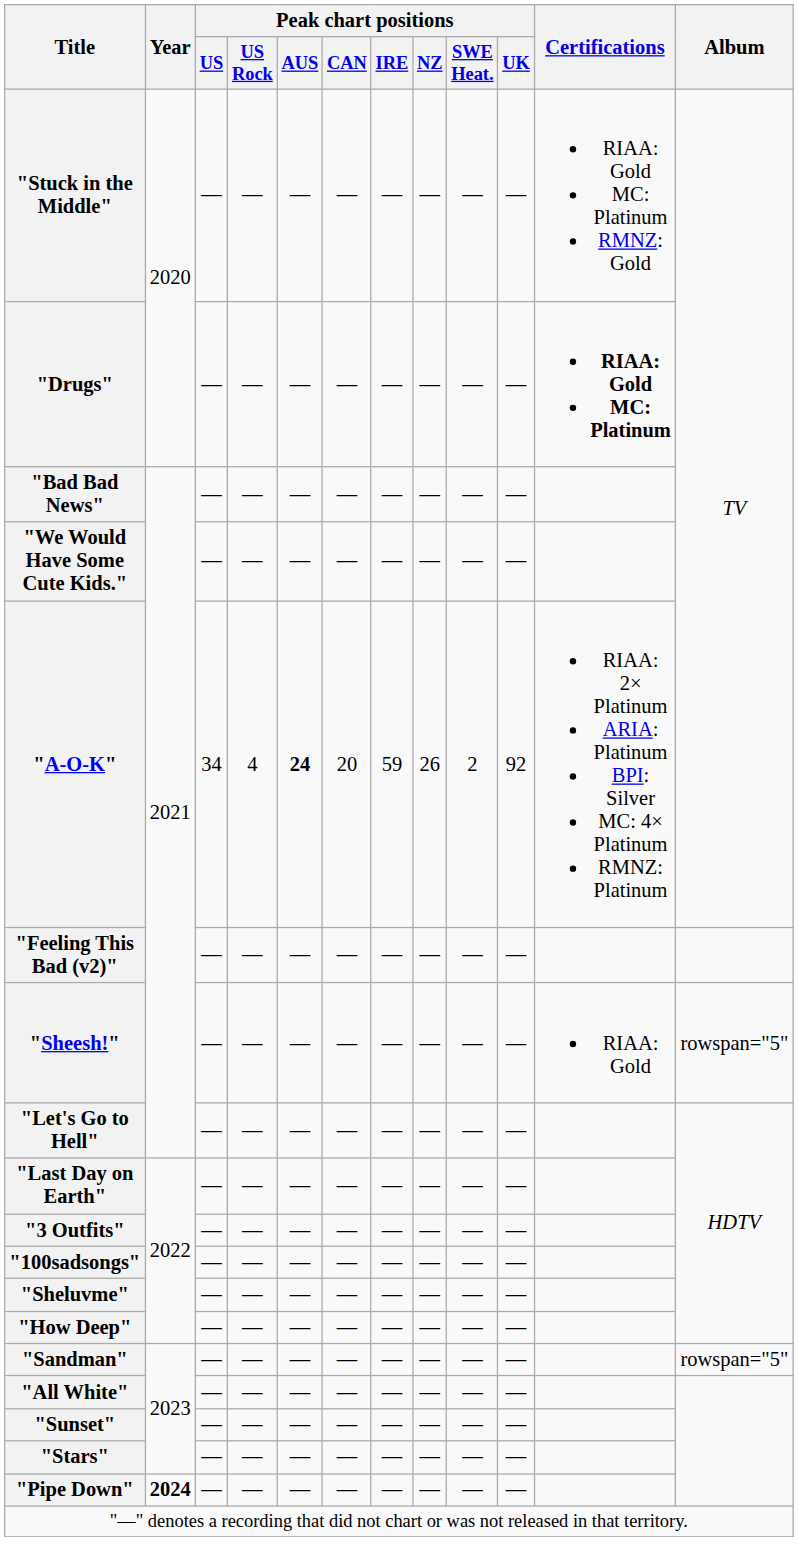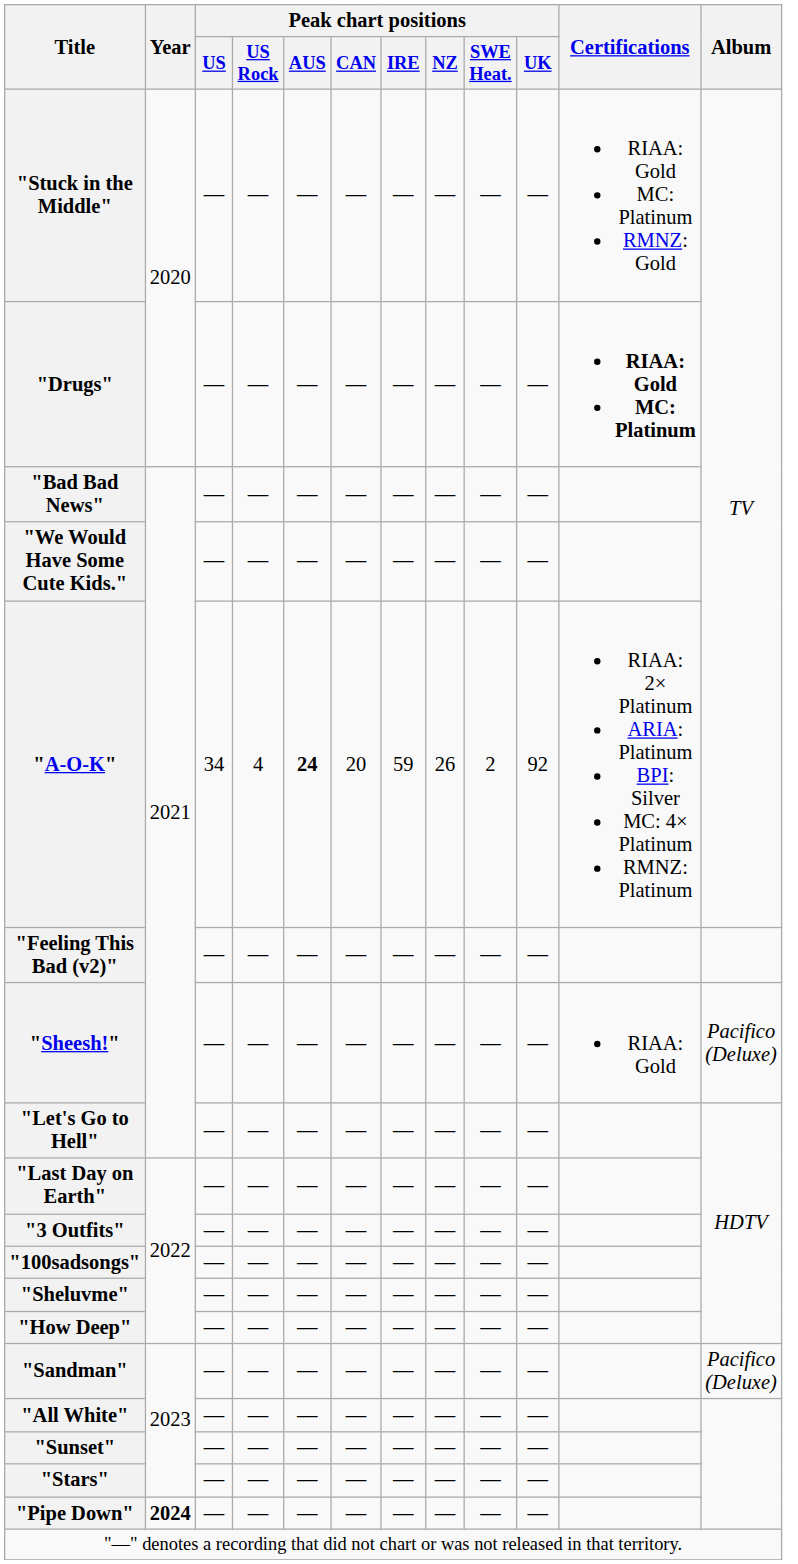 <table class="wikitable plainrowheaders" style="text-align:center">
 <tr>
 <th rowspan="2">Title</th>
 <th rowspan="2">Year</th>
 <th colspan="8">Peak chart positions</th>
 <th rowspan="2"><a href='#'>Certifications</a></th>
 <th rowspan="2">Album</th>
 </tr>
 <tr>
 <th scope="col" style="width:2.5em;font-size:90%;"><a href='#'>US</a><br></th>
 <th scope="col" style="width:2.5em;font-size:90%;"><a href='#'>US<br>Rock</a><br></th>
 <th scope="col" style="width:2.5em;font-size:90%;"><a href='#'>AUS</a><br></th>
 <th scope="col" style="width:2.5em;font-size:90%;"><a href='#'>CAN</a><br></th>
 <th scope="col" style="width:2.5em;font-size:90%;"><a href='#'>IRE</a><br></th>
 <th scope="col" style="width:2.5em;font-size:90%;"><a href='#'>NZ</a><br></th>
 <th scope="col" style="width:2.5em;font-size:90%;"><a href='#'>SWE<br>Heat.</a><br></th>
 <th scope="col" style="width:3em;font-size:90%;"><a href='#'>UK</a><br></th>
 </tr>
 <tr>
 <th scope="row">"Stuck in the Middle"<br></th>
 <td rowspan="2">2020</td>
 <td>—</td>
 <td>—</td>
 <td>—</td>
 <td>—</td>
 <td>—</td>
 <td>—</td>
 <td>—</td>
 <td>—</td>
 <td><br><ul><li>RIAA: Gold</li><li>MC: Platinum</li><li><a href='#'>RMNZ</a>: Gold</li></ul></td>
 <td rowspan="5"><em>TV</em></td>
 </tr>
 <tr>
 <th scope="row">"Drugs"</th>
 <td>—</td>
 <td>—</td>
 <td>—</td>
 <td>—</td>
 <td>—</td>
 <td>—</td>
 <td>—</td>
 <td>—</td>
 <td><strong><br><ul><li>RIAA: Gold</li><li>MC: Platinum</li></ul></strong></td>
 </tr>
 <tr>
 <th scope="row">"Bad Bad News"</th>
 <td rowspan="6">2021</td>
 <td>—</td>
 <td>—</td>
 <td>—</td>
 <td>—</td>
 <td>—</td>
 <td>—</td>
 <td>—</td>
 <td>—</td>
 <td></td>
 </tr>
 <tr>
 <th scope="row">"We Would Have Some Cute Kids."</th>
 <td>—</td>
 <td>—</td>
 <td>—</td>
 <td>—</td>
 <td>—</td>
 <td>—</td>
 <td>—</td>
 <td>—</td>
 <td></td>
 </tr>
 <tr>
 <th scope="row">"<a href='#'>A-O-K</a>"<br></th>
 <td>34</td>
 <td>4</td>
 <td><strong>24</strong></td>
 <td>20</td>
 <td>59</td>
 <td>26</td>
 <td>2</td>
 <td>92</td>
 <td><br><ul><li>RIAA: 2× Platinum</li><li><a href='#'>ARIA</a>: Platinum</li><li><a href='#'>BPI</a>: Silver</li><li>MC: 4× Platinum</li><li>RMNZ: Platinum</li></ul></td>
 </tr>
 <tr>
 <th scope="row">"Feeling This Bad (v2)"</th>
 <td>—</td>
 <td>—</td>
 <td>—</td>
 <td>—</td>
 <td>—</td>
 <td>—</td>
 <td>—</td>
 <td>—</td>
 <td></td>
 <td></td>
 </tr>
 <tr>
 <th scope="row">"<a href='#'>Sheesh!</a>"<br></th>
 <td>—</td>
 <td>—</td>
 <td>—</td>
 <td>—</td>
 <td>—</td>
 <td>—</td>
 <td>—</td>
 <td>—</td>
 <td><br><ul><li>RIAA: Gold</li></ul></td>
-<td>rowspan="5" </td>
+<td><em>Pacifico (Deluxe)</em></td>
 </tr>
 <tr>
 <th scope="row">"Let's Go to Hell"</th>
 <td>—</td>
 <td>—</td>
 <td>—</td>
 <td>—</td>
 <td>—</td>
 <td>—</td>
 <td>—</td>
 <td>—</td>
 <td></td>
 <td rowspan="6"><em>HDTV</em></td>
 </tr>
 <tr>
 <th scope="row">"Last Day on Earth"</th>
 <td rowspan="5">2022</td>
 <td>—</td>
 <td>—</td>
 <td>—</td>
 <td>—</td>
 <td>—</td>
 <td>—</td>
 <td>—</td>
 <td>—</td>
 <td></td>
 </tr>
 <tr>
 <th scope="row">"3 Outfits"</th>
 <td>—</td>
 <td>—</td>
 <td>—</td>
 <td>—</td>
 <td>—</td>
 <td>—</td>
 <td>—</td>
 <td>—</td>
 <td></td>
 </tr>
 <tr>
 <th scope="row">"100sadsongs"</th>
 <td>—</td>
 <td>—</td>
 <td>—</td>
 <td>—</td>
 <td>—</td>
 <td>—</td>
 <td>—</td>
 <td>—</td>
 <td></td>
 </tr>
 <tr>
 <th scope="row">"Sheluvme"</th>
 <td>—</td>
 <td>—</td>
 <td>—</td>
 <td>—</td>
 <td>—</td>
 <td>—</td>
 <td>—</td>
 <td>—</td>
 <td></td>
 </tr>
 <tr>
 <th scope="row">"How Deep"</th>
 <td>—</td>
 <td>—</td>
 <td>—</td>
 <td>—</td>
 <td>—</td>
 <td>—</td>
 <td>—</td>
 <td>—</td>
 <td></td>
 </tr>
 <tr>
 <th scope="row">"Sandman"</th>
 <td rowspan="4">2023</td>
 <td>—</td>
 <td>—</td>
 <td>—</td>
 <td>—</td>
 <td>—</td>
 <td>—</td>
 <td>—</td>
 <td>—</td>
 <td></td>
-<td>rowspan="5" </td>
+<td><em>Pacifico (Deluxe)</em></td>
 </tr>
 <tr>
 <th scope="row">"All White"</th>
 <td>—</td>
 <td>—</td>
 <td>—</td>
 <td>—</td>
 <td>—</td>
 <td>—</td>
 <td>—</td>
 <td>—</td>
 <td></td>
 </tr>
 <tr>
 <th scope="row">"Sunset"</th>
 <td>—</td>
 <td>—</td>
 <td>—</td>
 <td>—</td>
 <td>—</td>
 <td>—</td>
 <td>—</td>
 <td>—</td>
 <td></td>
 </tr>
 <tr>
 <th scope="row">"Stars"</th>
 <td>—</td>
 <td>—</td>
 <td>—</td>
 <td>—</td>
 <td>—</td>
 <td>—</td>
 <td>—</td>
 <td>—</td>
 <td></td>
 </tr>
 <tr>
 <th scope="row">"Pipe Down"</th>
 <td><strong>2024</strong></td>
 <td>—</td>
 <td>—</td>
 <td>—</td>
 <td>—</td>
 <td>—</td>
 <td>—</td>
 <td>—</td>
 <td>—</td>
 <td></td>
 </tr>
 <tr>
 <td colspan="15" style="font-size:90%">"—" denotes a recording that did not chart or was not released in that territory.</td>
 </tr>
 </table>
